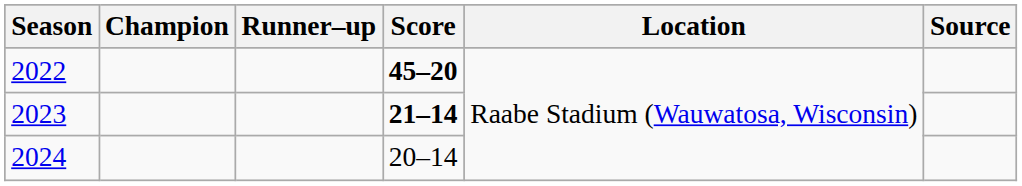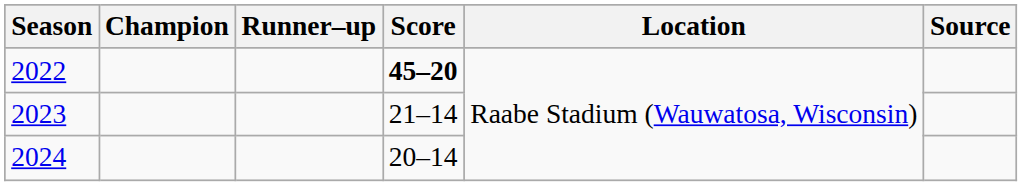 <table class="wikitable">
 <tr>
 <th>Season</th>
 <th>Champion</th>
 <th>Runner–up</th>
 <th>Score</th>
 <th>Location</th>
 <th>Source</th>
 </tr>
 <tr>
 <td><a href='#'>2022</a></td>
 <td></td>
 <td></td>
 <td><strong>45–20</strong></td>
 <td rowspan="3">Raabe Stadium (<a href='#'>Wauwatosa, Wisconsin</a>)</td>
 <td></td>
 </tr>
 <tr>
 <td><a href='#'>2023</a></td>
 <td></td>
 <td></td>
-<td><strong>21–14</strong></td>
+<td>21–14</td>
 <td></td>
 </tr>
 <tr>
 <td><a href='#'>2024</a></td>
 <td></td>
 <td></td>
 <td>20–14</td>
 <td></td>
 </tr>
 </table>
